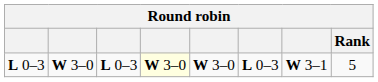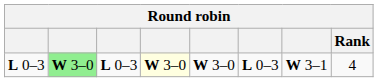 <table class="wikitable" style="font-size:100%;">
 <tr>
 <th colspan=8>Round robin</th>
 </tr>
 <tr>
 <th></th>
 <th></th>
 <th></th>
 <th></th>
 <th></th>
 <th></th>
 <th></th>
 <th>Rank</th>
 </tr>
 <tr align=center>
 <td><strong>L</strong> 0–3</td>
-<td><strong>W</strong> 3–0</td>
+<td style="background: lightgreen;"><strong>W</strong> 3–0</td>
 <td><strong>L</strong> 0–3</td>
 <td style="background: lightyellow;"><strong>W</strong> 3–0</td>
 <td><strong>W</strong> 3–0</td>
 <td><strong>L</strong> 0–3</td>
 <td><strong>W</strong> 3–1</td>
-<td>5</td>
+<td>4</td>
 </tr>
 </table>
